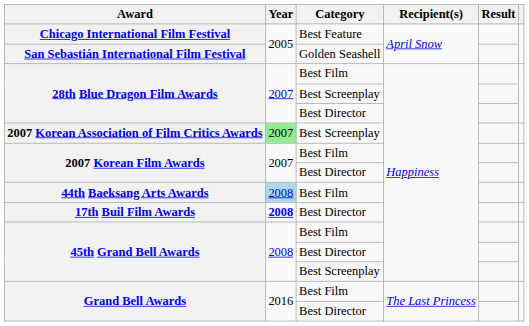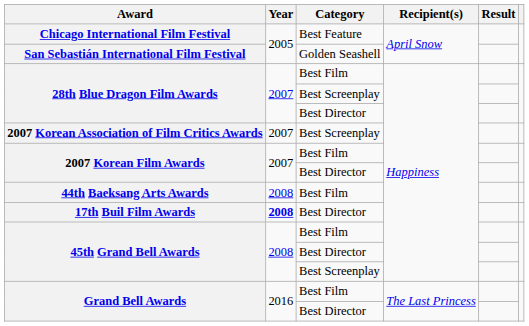 <table class="wikitable plainrowheaders sortable">
 <tr>
 <th scope="col">Award</th>
 <th scope="col">Year</th>
 <th scope="col">Category</th>
 <th scope="col">Recipient(s)</th>
 <th scope="col">Result</th>
 <th scope="col" class="unsortable"></th>
 </tr>
 <tr>
 <th scope="row"><a href='#'>Chicago International Film Festival</a></th>
 <td rowspan="2">2005</td>
 <td>Best Feature</td>
 <td rowspan="2"><em><a href='#'>April Snow</a></em></td>
 <td></td>
 <td rowspan="2"></td>
 </tr>
 <tr>
 <th scope="row"><a href='#'>San Sebastián International Film Festival</a></th>
 <td>Golden Seashell</td>
 <td></td>
 </tr>
 <tr>
 <th scope="row" rowspan="3"><a href='#'>28th</a> <a href='#'>Blue Dragon Film Awards</a></th>
 <td rowspan="3"><a href='#'>2007</a></td>
 <td>Best Film</td>
 <td rowspan="11"><em><a href='#'>Happiness</a></em></td>
 <td></td>
 <td rowspan="3"></td>
 </tr>
 <tr>
 <td>Best Screenplay</td>
 <td></td>
 </tr>
 <tr>
 <td>Best Director</td>
 <td></td>
 </tr>
 <tr>
 <th scope="row">2007 <a href='#'>Korean Association of Film Critics Awards</a></th>
-<td style="background: lightgreen;">2007</td>
+<td>2007</td>
 <td>Best Screenplay</td>
 <td></td>
 <td></td>
 </tr>
 <tr>
 <th scope="row" rowspan="2">2007 <a href='#'>Korean Film Awards</a></th>
 <td rowspan="2">2007</td>
 <td>Best Film</td>
 <td></td>
 <td rowspan="2"></td>
 </tr>
 <tr>
 <td>Best Director</td>
 <td></td>
 </tr>
 <tr>
 <th scope="row"><a href='#'>44th</a> <a href='#'>Baeksang Arts Awards</a></th>
-<td style="background: lightblue;"><a href='#'>2008</a></td>
+<td><a href='#'>2008</a></td>
 <td>Best Film</td>
 <td></td>
 <td></td>
 </tr>
 <tr>
 <th scope="row"><a href='#'>17th</a> <a href='#'>Buil Film Awards</a></th>
 <td><strong><a href='#'>2008</a></strong></td>
 <td>Best Director</td>
 <td></td>
 <td></td>
 </tr>
 <tr>
 <th scope="row" rowspan="3"><a href='#'>45th</a> <a href='#'>Grand Bell Awards</a></th>
 <td rowspan="3"><a href='#'>2008</a></td>
 <td>Best Film</td>
 <td></td>
 <td rowspan="3"></td>
 </tr>
 <tr>
 <td>Best Director</td>
 <td></td>
 </tr>
 <tr>
 <td>Best Screenplay</td>
 <td></td>
 </tr>
 <tr>
 <th scope="row" rowspan="2"><a href='#'>Grand Bell Awards</a></th>
 <td rowspan="2">2016</td>
 <td>Best Film</td>
 <td rowspan="2"><em><a href='#'>The Last Princess</a></em></td>
 <td></td>
 <td rowspan="2" style="text-align:center;"></td>
 </tr>
 <tr>
 <td>Best Director</td>
 <td></td>
 </tr>
 </table>
